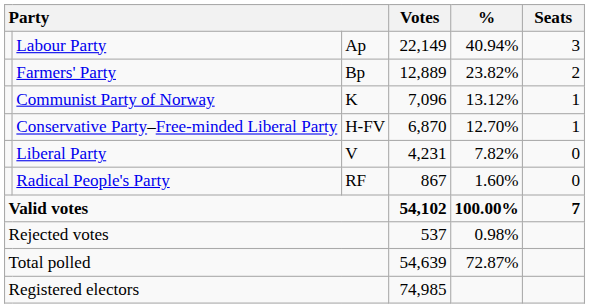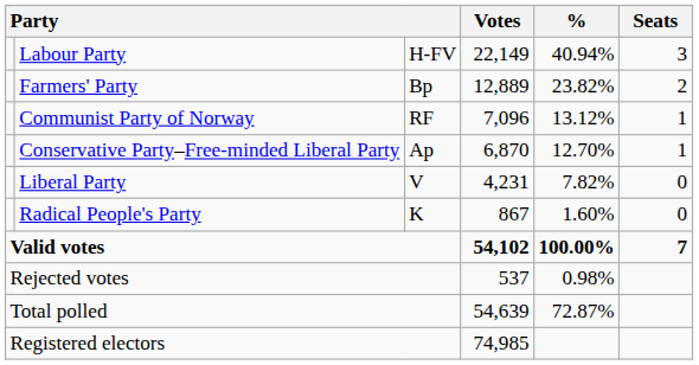 <table class="wikitable" border="1" style="text-align:right;">
 <tr>
 <th style="text-align:left;" colspan=3>Party</th>
 <th align=center width="50">Votes</th>
 <th align=center width="50">%</th>
 <th align=center width="50">Seats</th>
 </tr>
 <tr>
 <td style="color:inherit;background:"></td>
 <td align=left><a href='#'>Labour Party</a></td>
-<td align=left>Ap</td>
+<td align=left>H-FV</td>
 <td>22,149</td>
 <td>40.94%</td>
 <td>3</td>
 </tr>
 <tr>
 <td style="color:inherit;background:"></td>
 <td align=left><a href='#'>Farmers' Party</a></td>
 <td align=left>Bp</td>
 <td>12,889</td>
 <td>23.82%</td>
 <td>2</td>
 </tr>
 <tr>
 <td style="color:inherit;background:"></td>
 <td align=left><a href='#'>Communist Party of Norway</a></td>
-<td align=left>K</td>
+<td align=left>RF</td>
 <td>7,096</td>
 <td>13.12%</td>
 <td>1</td>
 </tr>
 <tr>
 <td></td>
 <td align=left><a href='#'>Conservative Party</a>–<a href='#'>Free-minded Liberal Party</a></td>
-<td align=left>H-FV</td>
+<td align=left>Ap</td>
 <td>6,870</td>
 <td>12.70%</td>
 <td>1</td>
 </tr>
 <tr>
 <td style="color:inherit;background:"></td>
 <td align=left><a href='#'>Liberal Party</a></td>
 <td align=left>V</td>
 <td>4,231</td>
 <td>7.82%</td>
 <td>0</td>
 </tr>
 <tr>
 <td></td>
 <td align=left><a href='#'>Radical People's Party</a></td>
-<td align=left>RF</td>
+<td align=left>K</td>
 <td>867</td>
 <td>1.60%</td>
 <td>0</td>
 </tr>
 <tr style="font-weight:bold">
 <td align=left colspan=3>Valid votes</td>
 <td>54,102</td>
 <td>100.00%</td>
 <td>7</td>
 </tr>
 <tr>
 <td align=left colspan=3>Rejected votes</td>
 <td>537</td>
 <td>0.98%</td>
 <td></td>
 </tr>
 <tr>
 <td align=left colspan=3>Total polled</td>
 <td>54,639</td>
 <td>72.87%</td>
 <td></td>
 </tr>
 <tr>
 <td align=left colspan=3>Registered electors</td>
 <td>74,985</td>
 <td></td>
 <td></td>
 </tr>
 </table>
